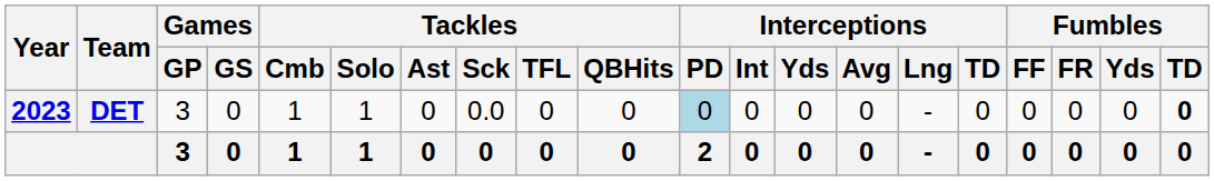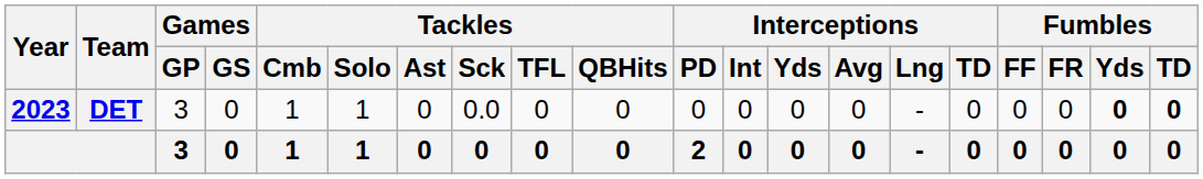 <table class="wikitable" style="text-align:center;">
 <tr>
 <th rowspan="2">Year</th>
 <th rowspan="2">Team</th>
 <th colspan="2">Games</th>
 <th colspan="6">Tackles</th>
 <th colspan="6">Interceptions</th>
 <th colspan="4">Fumbles</th>
 </tr>
 <tr>
 <th>GP</th>
 <th>GS</th>
 <th>Cmb</th>
 <th>Solo</th>
 <th>Ast</th>
 <th>Sck</th>
 <th>TFL</th>
 <th>QBHits</th>
 <th>PD</th>
 <th>Int</th>
 <th>Yds</th>
 <th>Avg</th>
 <th>Lng</th>
 <th>TD</th>
 <th>FF</th>
 <th>FR</th>
 <th>Yds</th>
 <th>TD</th>
 </tr>
 <tr>
 <th><a href='#'>2023</a></th>
 <th><a href='#'>DET</a></th>
 <td>3</td>
 <td>0</td>
 <td>1</td>
 <td>1</td>
 <td>0</td>
 <td>0.0</td>
 <td>0</td>
 <td>0</td>
-<td style="background: lightblue;">0</td>
+<td>0</td>
 <td>0</td>
 <td>0</td>
 <td>0</td>
 <td>-</td>
 <td>0</td>
 <td>0</td>
 <td>0</td>
-<td>0</td>
+<td><strong>0</strong></td>
 <td><strong>0</strong></td>
 </tr>
 <tr>
 <th colspan="2"></th>
 <th>3</th>
 <th>0</th>
 <th>1</th>
 <th>1</th>
 <th>0</th>
 <th>0</th>
 <th>0</th>
 <th>0</th>
 <th>2</th>
 <th>0</th>
 <th>0</th>
 <th>0</th>
 <th>-</th>
 <th>0</th>
 <th>0</th>
 <th>0</th>
 <th>0</th>
 <th>0</th>
 </tr>
 </table>
